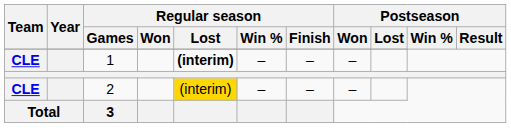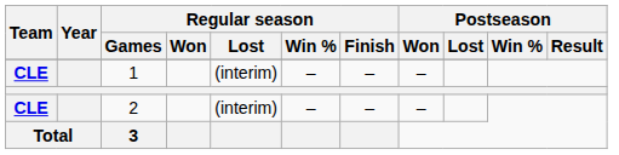 <table class="wikitable" style="font-size: 95%; text-align:center;">
 <tr>
 <th rowspan="2">Team</th>
 <th rowspan="2">Year</th>
 <th colspan="5">Regular season</th>
 <th colspan="4">Postseason</th>
 </tr>
 <tr>
 <th>Games</th>
 <th>Won</th>
 <th>Lost</th>
 <th>Win %</th>
 <th>Finish</th>
 <th>Won</th>
 <th>Lost</th>
 <th>Win %</th>
 <th>Result</th>
 </tr>
 <tr>
 </tr>
 <tr>
 <th><a href='#'>CLE</a></th>
 <th></th>
 <td>1</td>
 <td></td>
-<td><strong>(interim)</strong></td>
+<td>(interim)</td>
 <td>–</td>
 <td>–</td>
 <td>–</td>
 <td></td>
 </tr>
 <tr>
 <th colspan=11></th>
 </tr>
 <tr>
 <th><a href='#'>CLE</a></th>
 <th></th>
 <td>2</td>
 <td></td>
-<td style="background: gold;">(interim)</td>
+<td>(interim)</td>
 <td>–</td>
 <td>–</td>
 <td>–</td>
 <td></td>
 </tr>
 <tr>
 <th colspan="2">Total</th>
 <th>3</th>
 <th></th>
 <th></th>
 <th></th>
 <th></th>
 </tr>
 </table>
